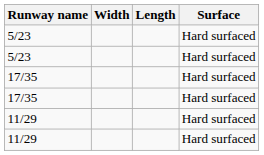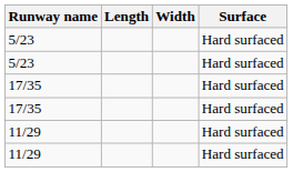 <table class="wikitable">
 <tr>
 <th>Runway name</th>
+<th>Length</th>
 <th>Width</th>
-<th>Length</th>
 <th>Surface</th>
 </tr>
 <tr>
 <td>5/23</td>
 <td></td>
 <td></td>
 <td>Hard surfaced</td>
 </tr>
 <tr>
 <td>5/23</td>
 <td></td>
 <td></td>
 <td>Hard surfaced</td>
 </tr>
 <tr>
 <td>17/35</td>
 <td></td>
 <td></td>
 <td>Hard surfaced</td>
 </tr>
 <tr>
 <td>17/35</td>
 <td></td>
 <td></td>
 <td>Hard surfaced</td>
 </tr>
 <tr>
 <td>11/29</td>
 <td></td>
 <td></td>
 <td>Hard surfaced</td>
 </tr>
 <tr>
 <td>11/29</td>
 <td></td>
 <td></td>
 <td>Hard surfaced</td>
 </tr>
 </table>
